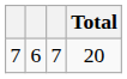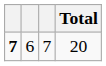 <table class="wikitable">
 <tr>
 <th></th>
 <th></th>
 <th></th>
 <th>Total</th>
 </tr>
 <tr style="text-align:center;">
-<td>7</td>
+<td><strong>7</strong></td>
 <td>6</td>
 <td>7</td>
 <td>20</td>
 </tr>
 </table>
